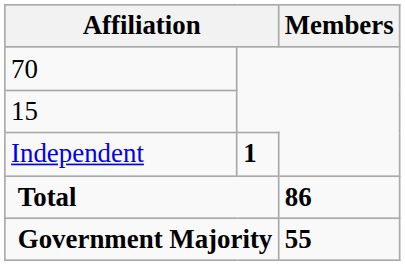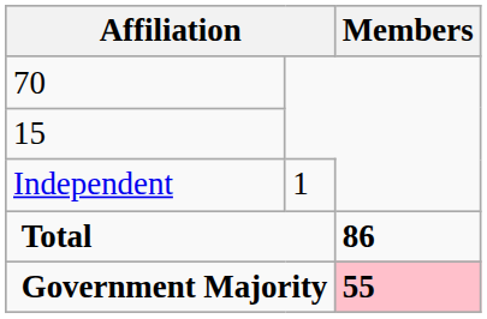 <table class="wikitable">
 <tr>
 <th colspan="2">Affiliation</th>
 <th>Members</th>
 </tr>
 <tr>
 <td>70</td>
 </tr>
 <tr>
 <td>15</td>
 </tr>
 <tr>
 <td align=left><a href='#'>Independent</a></td>
-<td><strong>1</strong></td>
+<td>1</td>
 </tr>
 <tr>
 <td colspan="2" rowspan="1" align=left> <strong>Total</strong><br></td>
 <td><strong>86</strong></td>
 </tr>
 <tr>
 <td colspan="2" rowspan="1" align=left> <strong>Government Majority</strong><br></td>
-<td><strong>55</strong></td>
+<td style="background: pink;"><strong>55</strong></td>
 </tr>
 </table>
